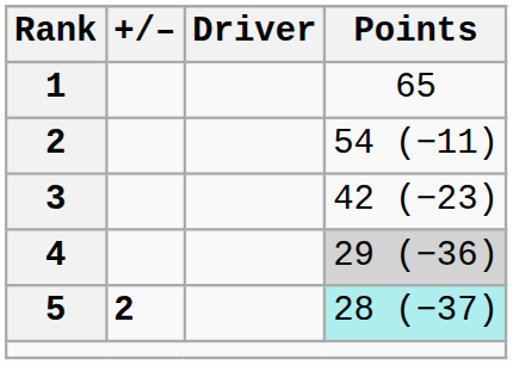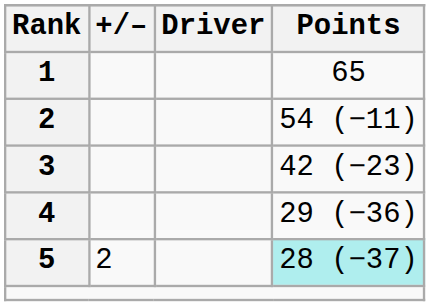 <table class="wikitable sortable" style="font-size: 95%;">
 <tr>
 </tr>
 <tr>
 <th scope="col">Rank</th>
 <th scope="col">+/–</th>
 <th scope="col">Driver</th>
 <th scope="col">Points</th>
 </tr>
 <tr>
 <th scope="row">1</th>
 <td align="left"></td>
 <td data-sort-value="TRA"></td>
 <td align="center">65</td>
 </tr>
 <tr>
 <th scope="row">2</th>
 <td align="left"></td>
 <td data-sort-value="JUN"></td>
 <td align="center">54 (−11)</td>
 </tr>
 <tr>
 <th scope="row">3</th>
 <td align="left"></td>
 <td data-sort-value="JOU"></td>
 <td align="center">42 (−23)</td>
 </tr>
 <tr>
 <th scope="row">4</th>
 <td align="left"></td>
 <td data-sort-value="FER"></td>
-<td align="center" style="background: lightgrey;">29 (−36)</td>
+<td align="center">29 (−36)</td>
 </tr>
 <tr>
 <th scope="row">5</th>
-<td align="left"><strong> 2</strong></td>
+<td align="left"> 2</td>
 <td data-sort-value="CAR"></td>
 <td align="center" style="background: paleturquoise;">28 (−37)</td>
 </tr>
 <tr class="sortbottom">
 <td colspan="9"></td>
 </tr>
 </table>
